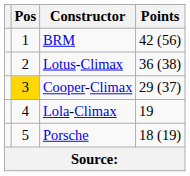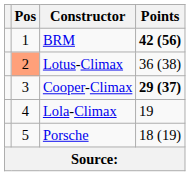 <table class="wikitable" style="font-size: 95%;">
 <tr>
 <th></th>
 <th>Pos</th>
 <th>Constructor</th>
 <th>Points</th>
 </tr>
 <tr>
 <td align="left"></td>
 <td align="center">1</td>
 <td> <a href='#'>BRM</a></td>
-<td align="left">42 (56)</td>
+<td align="left"><strong>42 (56)</strong></td>
 </tr>
 <tr>
 <td align="left"></td>
-<td align="center">2</td>
+<td align="center" style="background: lightsalmon;">2</td>
 <td> <a href='#'>Lotus</a>-<a href='#'>Climax</a></td>
 <td align="left">36 (38)</td>
 </tr>
 <tr>
 <td align="left"></td>
-<td align="center" style="background: gold;">3</td>
+<td align="center">3</td>
 <td> <a href='#'>Cooper</a>-<a href='#'>Climax</a></td>
-<td align="left">29 (37)</td>
+<td align="left"><strong>29 (37)</strong></td>
 </tr>
 <tr>
 <td align="left"></td>
 <td align="center">4</td>
 <td> <a href='#'>Lola</a>-<a href='#'>Climax</a></td>
 <td align="left">19</td>
 </tr>
 <tr>
 <td align="left"></td>
 <td align="center">5</td>
 <td> <a href='#'>Porsche</a></td>
 <td align="left">18 (19)</td>
 </tr>
 <tr>
 <th colspan=4>Source:</th>
 </tr>
 </table>
